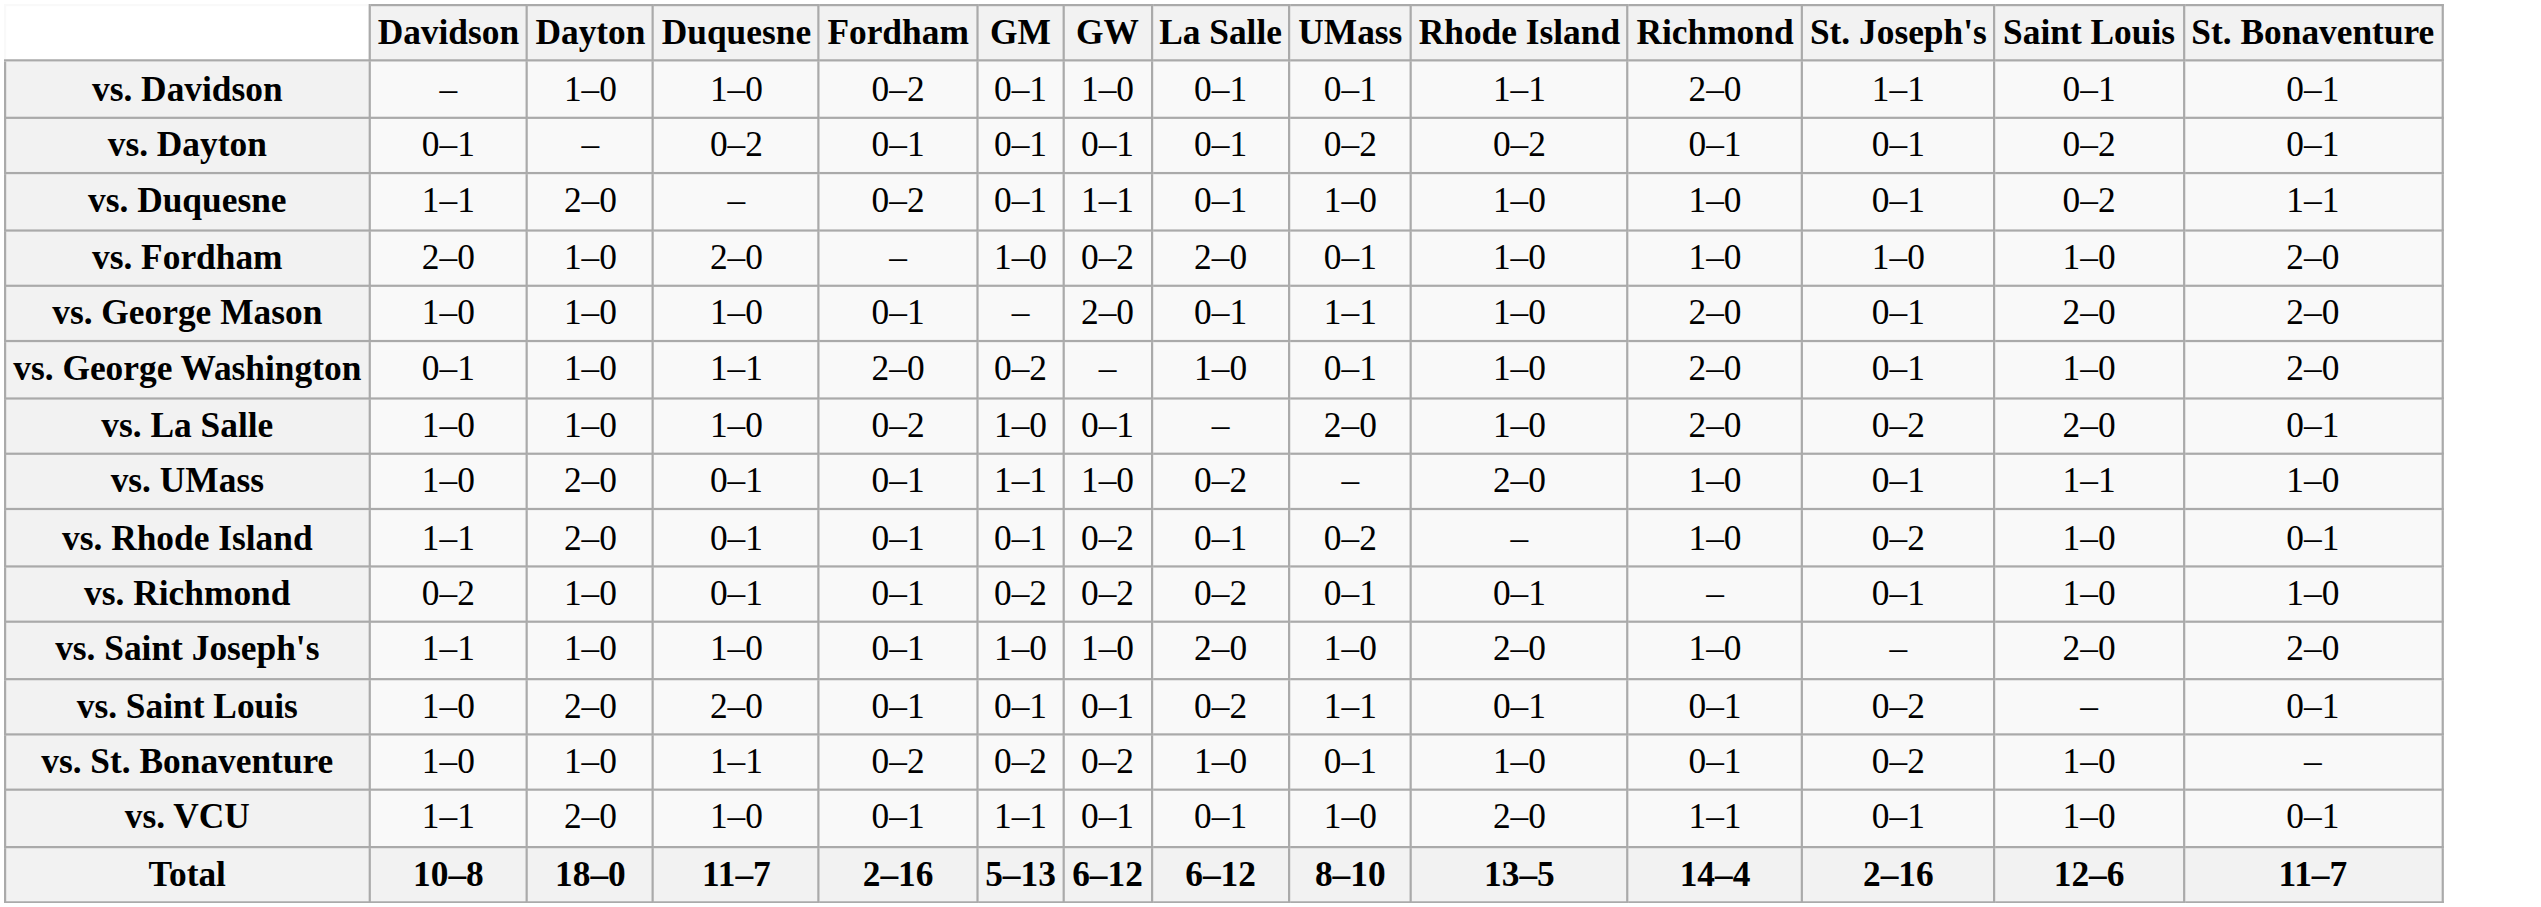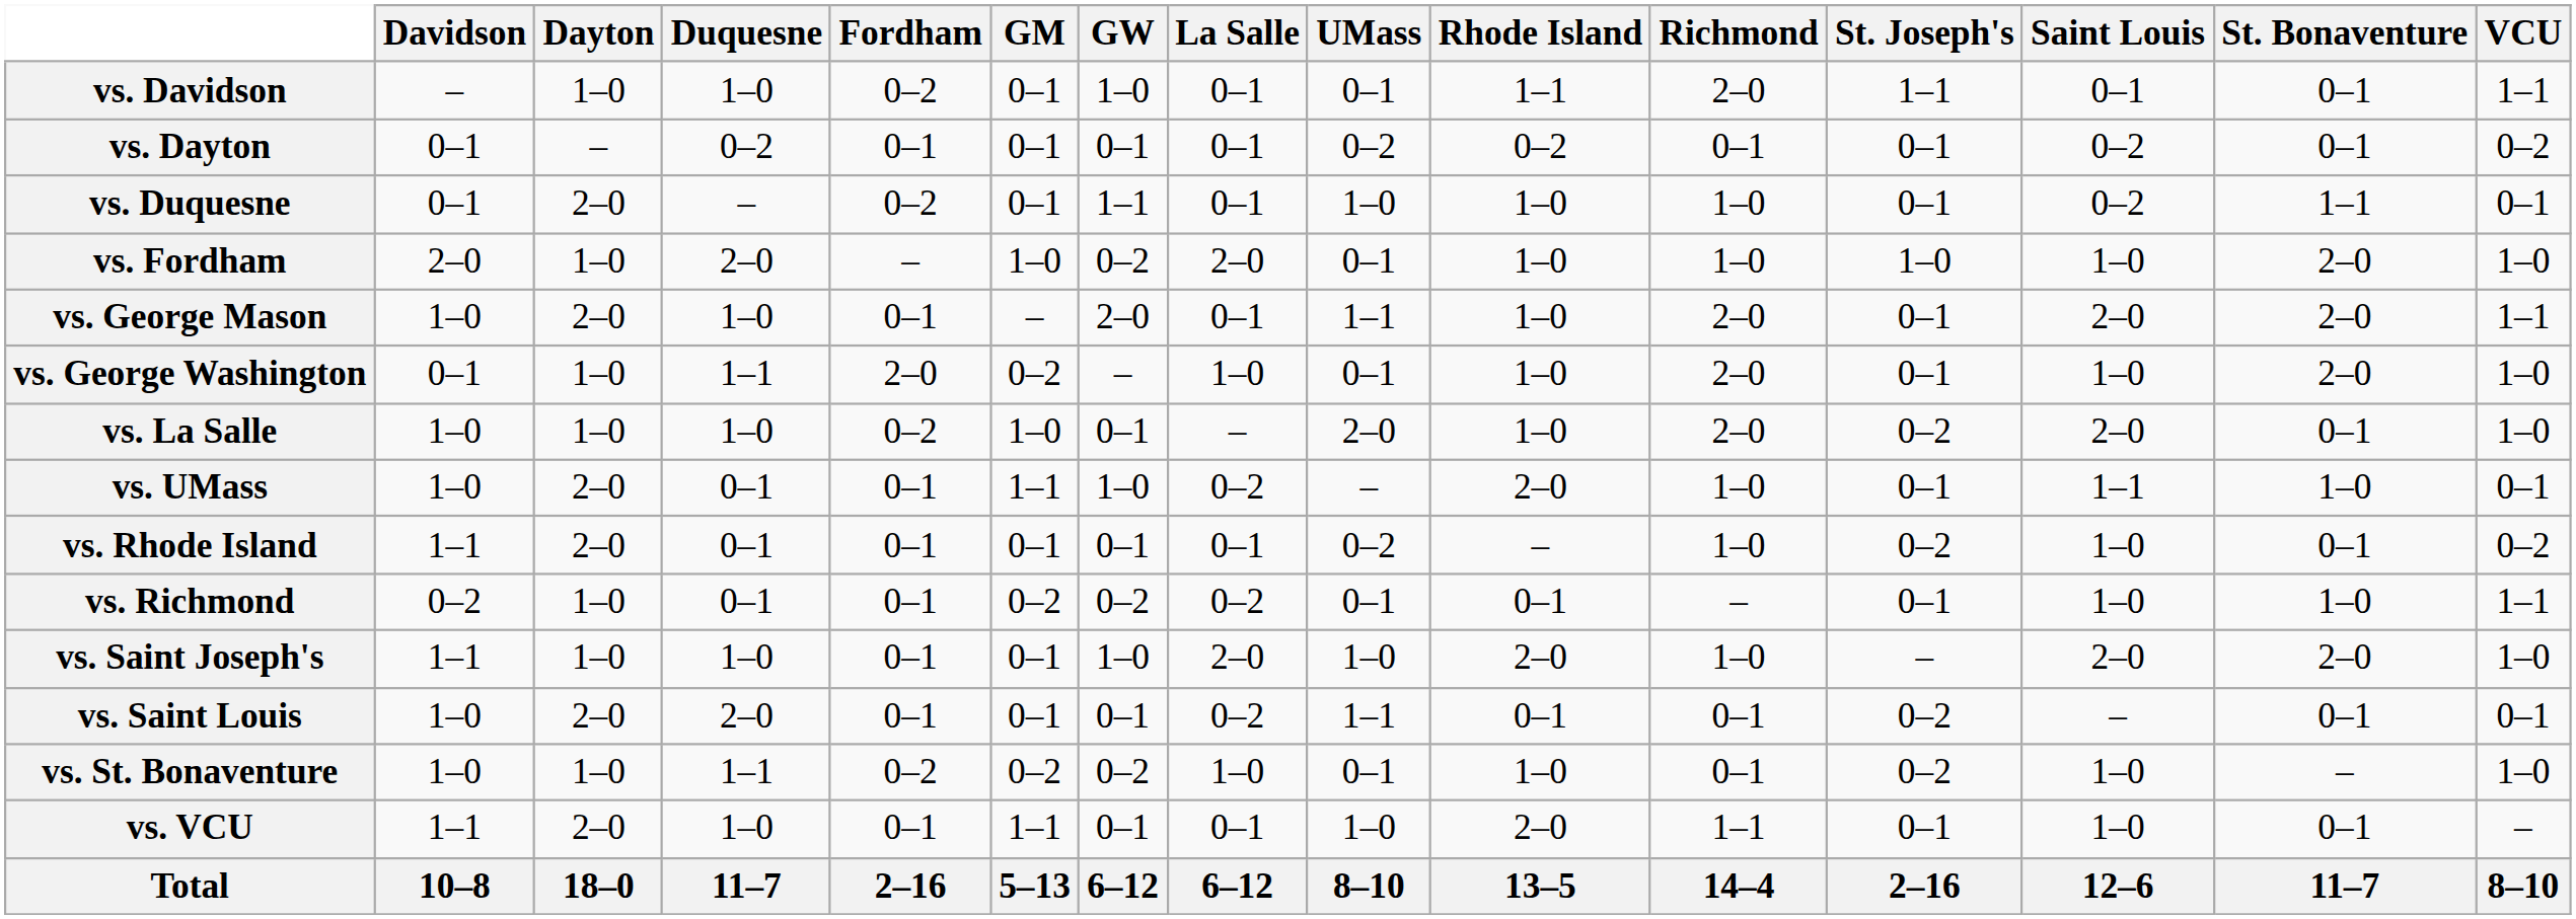 <table class="wikitable" style="white-space:nowrap;font-size:100%;">
 <tr>
 <th colspan=1 style="background:white; border-top-style:hidden; border-left-style:hidden;"   width=75> </th>
 <th style=>Davidson</th>
 <th style="background:#">Dayton</th>
 <th style=>Duquesne</th>
 <th style=>Fordham</th>
 <th style=>GM</th>
 <th style=>GW</th>
 <th style=>La Salle</th>
 <th style=>UMass</th>
 <th style=>Rhode Island</th>
 <th style=>Richmond</th>
 <th style=>St. Joseph's</th>
 <th style=>Saint Louis</th>
 <th style=>St. Bonaventure</th>
+<th style=>VCU</th>
 </tr>
 <tr style="text-align:center;">
 <th>vs. Davidson</th>
 <td>–</td>
 <td>1–0</td>
 <td>1–0</td>
 <td>0–2</td>
 <td>0–1</td>
 <td>1–0</td>
 <td>0–1</td>
 <td>0–1</td>
 <td>1–1</td>
 <td>2–0</td>
 <td>1–1</td>
 <td>0–1</td>
 <td>0–1</td>
+<td>1–1</td>
 </tr>
 <tr style="text-align:center;">
 <th>vs. Dayton</th>
 <td>0–1</td>
 <td>–</td>
 <td>0–2</td>
 <td>0–1</td>
 <td>0–1</td>
 <td>0–1</td>
 <td>0–1</td>
 <td>0–2</td>
 <td>0–2</td>
 <td>0–1</td>
 <td>0–1</td>
 <td>0–2</td>
 <td>0–1</td>
+<td>0–2</td>
 </tr>
 <tr style="text-align:center;">
 <th>vs. Duquesne</th>
-<td>1–1</td>
+<td>0–1</td>
 <td>2–0</td>
 <td>–</td>
 <td>0–2</td>
 <td>0–1</td>
 <td>1–1</td>
 <td>0–1</td>
 <td>1–0</td>
 <td>1–0</td>
 <td>1–0</td>
 <td>0–1</td>
 <td>0–2</td>
 <td>1–1</td>
+<td>0–1</td>
 </tr>
 <tr style="text-align:center;">
 <th>vs. Fordham</th>
 <td>2–0</td>
 <td>1–0</td>
 <td>2–0</td>
 <td>–</td>
 <td>1–0</td>
 <td>0–2</td>
 <td>2–0</td>
 <td>0–1</td>
 <td>1–0</td>
 <td>1–0</td>
 <td>1–0</td>
 <td>1–0</td>
 <td>2–0</td>
+<td>1–0</td>
 </tr>
 <tr style="text-align:center;">
 <th>vs. George Mason</th>
 <td>1–0</td>
-<td>1–0</td>
+<td>2–0</td>
 <td>1–0</td>
 <td>0–1</td>
 <td>–</td>
 <td>2–0</td>
 <td>0–1</td>
 <td>1–1</td>
 <td>1–0</td>
 <td>2–0</td>
 <td>0–1</td>
 <td>2–0</td>
 <td>2–0</td>
+<td>1–1</td>
 </tr>
 <tr style="text-align:center;">
 <th>vs. George Washington</th>
 <td>0–1</td>
 <td>1–0</td>
 <td>1–1</td>
 <td>2–0</td>
 <td>0–2</td>
 <td>–</td>
 <td>1–0</td>
 <td>0–1</td>
 <td>1–0</td>
 <td>2–0</td>
 <td>0–1</td>
 <td>1–0</td>
 <td>2–0</td>
+<td>1–0</td>
 </tr>
 <tr style="text-align:center;">
 <th>vs. La Salle</th>
 <td>1–0</td>
 <td>1–0</td>
 <td>1–0</td>
 <td>0–2</td>
 <td>1–0</td>
 <td>0–1</td>
 <td>–</td>
 <td>2–0</td>
 <td>1–0</td>
 <td>2–0</td>
 <td>0–2</td>
 <td>2–0</td>
 <td>0–1</td>
+<td>1–0</td>
 </tr>
 <tr style="text-align:center;">
 <th>vs. UMass</th>
 <td>1–0</td>
 <td>2–0</td>
 <td>0–1</td>
 <td>0–1</td>
 <td>1–1</td>
 <td>1–0</td>
 <td>0–2</td>
 <td>–</td>
 <td>2–0</td>
 <td>1–0</td>
 <td>0–1</td>
 <td>1–1</td>
 <td>1–0</td>
+<td>0–1</td>
 </tr>
 <tr style="text-align:center;">
 <th>vs. Rhode Island</th>
 <td>1–1</td>
 <td>2–0</td>
 <td>0–1</td>
 <td>0–1</td>
 <td>0–1</td>
-<td>0–2</td>
+<td>0–1</td>
 <td>0–1</td>
 <td>0–2</td>
 <td>–</td>
 <td>1–0</td>
 <td>0–2</td>
 <td>1–0</td>
 <td>0–1</td>
+<td>0–2</td>
 </tr>
 <tr style="text-align:center;">
 <th>vs. Richmond</th>
 <td>0–2</td>
 <td>1–0</td>
 <td>0–1</td>
 <td>0–1</td>
 <td>0–2</td>
 <td>0–2</td>
 <td>0–2</td>
 <td>0–1</td>
 <td>0–1</td>
 <td>–</td>
 <td>0–1</td>
 <td>1–0</td>
 <td>1–0</td>
+<td>1–1</td>
 </tr>
 <tr style="text-align:center;">
 <th>vs. Saint Joseph's</th>
 <td>1–1</td>
 <td>1–0</td>
 <td>1–0</td>
 <td>0–1</td>
-<td>1–0</td>
+<td>0–1</td>
 <td>1–0</td>
 <td>2–0</td>
 <td>1–0</td>
 <td>2–0</td>
 <td>1–0</td>
 <td>–</td>
 <td>2–0</td>
 <td>2–0</td>
+<td>1–0</td>
 </tr>
 <tr style="text-align:center;">
 <th>vs. Saint Louis</th>
 <td>1–0</td>
 <td>2–0</td>
 <td>2–0</td>
 <td>0–1</td>
 <td>0–1</td>
 <td>0–1</td>
 <td>0–2</td>
 <td>1–1</td>
 <td>0–1</td>
 <td>0–1</td>
 <td>0–2</td>
 <td>–</td>
+<td>0–1</td>
 <td>0–1</td>
 </tr>
 <tr style="text-align:center;">
 <th>vs. St. Bonaventure</th>
 <td>1–0</td>
 <td>1–0</td>
 <td>1–1</td>
 <td>0–2</td>
 <td>0–2</td>
 <td>0–2</td>
 <td>1–0</td>
 <td>0–1</td>
 <td>1–0</td>
 <td>0–1</td>
 <td>0–2</td>
 <td>1–0</td>
 <td>–</td>
+<td>1–0</td>
 </tr>
 <tr style="text-align:center;">
 <th>vs. VCU</th>
 <td>1–1</td>
 <td>2–0</td>
 <td>1–0</td>
 <td>0–1</td>
 <td>1–1</td>
 <td>0–1</td>
 <td>0–1</td>
 <td>1–0</td>
 <td>2–0</td>
 <td>1–1</td>
 <td>0–1</td>
 <td>1–0</td>
 <td>0–1</td>
+<td>–<br></td>
 </tr>
 <tr style="text-align:center;">
 <th>Total</th>
 <th>10–8</th>
 <th>18–0</th>
 <th>11–7</th>
 <th>2–16</th>
 <th>5–13</th>
 <th>6–12</th>
 <th>6–12</th>
 <th>8–10</th>
 <th>13–5</th>
 <th>14–4</th>
 <th>2–16</th>
 <th>12–6</th>
 <th>11–7</th>
+<th>8–10</th>
 </tr>
 </table>
